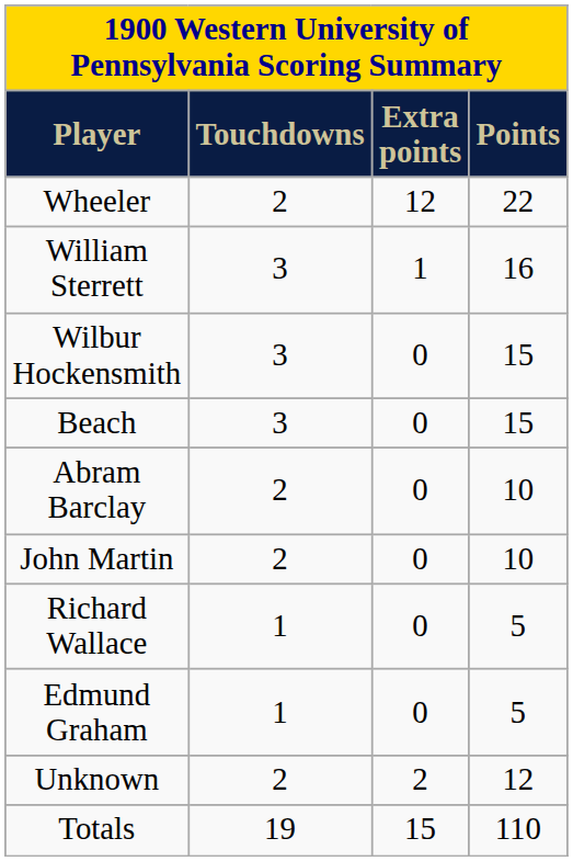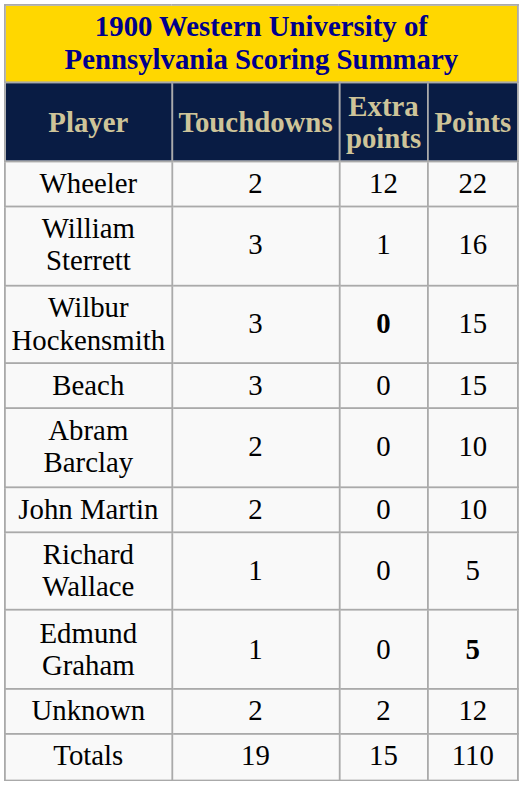 <table class="wikitable" width="30%">
 <tr>
 <th colspan="10" style="background:gold; color:darkblue; text-align: center;"><strong>1900 Western University of Pennsylvania Scoring Summary</strong></th>
 </tr>
 <tr align="center"  style="background:#091C44;color:#CEC499;">
 <td><strong>Player</strong></td>
 <td><strong>Touchdowns</strong></td>
 <td><strong>Extra points</strong></td>
 <td><strong>Points</strong></td>
 </tr>
 <tr align="center" bgcolor="">
 <td>Wheeler</td>
 <td>2</td>
 <td>12</td>
 <td>22</td>
 </tr>
 <tr align="center" bgcolor="">
 <td>William Sterrett</td>
 <td>3</td>
 <td>1</td>
 <td>16</td>
 </tr>
 <tr align="center" bgcolor="">
 <td>Wilbur Hockensmith</td>
 <td>3</td>
-<td>0</td>
+<td><strong>0</strong></td>
 <td>15</td>
 </tr>
 <tr align="center" bgcolor="">
 <td>Beach</td>
 <td>3</td>
 <td>0</td>
 <td>15</td>
 </tr>
 <tr align="center" bgcolor="">
 <td>Abram Barclay</td>
 <td>2</td>
 <td>0</td>
 <td>10</td>
 </tr>
 <tr align="center" bgcolor="">
 <td>John Martin</td>
 <td>2</td>
 <td>0</td>
 <td>10</td>
 </tr>
 <tr align="center" bgcolor="">
 <td>Richard Wallace</td>
 <td>1</td>
 <td>0</td>
 <td>5</td>
 </tr>
 <tr align="center" bgcolor="">
 <td>Edmund Graham</td>
 <td>1</td>
 <td>0</td>
-<td>5</td>
+<td><strong>5</strong></td>
 </tr>
 <tr align="center" bgcolor="">
 <td>Unknown</td>
 <td>2</td>
 <td>2</td>
 <td>12</td>
 </tr>
 <tr align="center" bgcolor="">
 <td>Totals</td>
 <td>19</td>
 <td>15</td>
 <td>110</td>
 </tr>
 <tr align="center" bgcolor="">
 </tr>
 </table>
